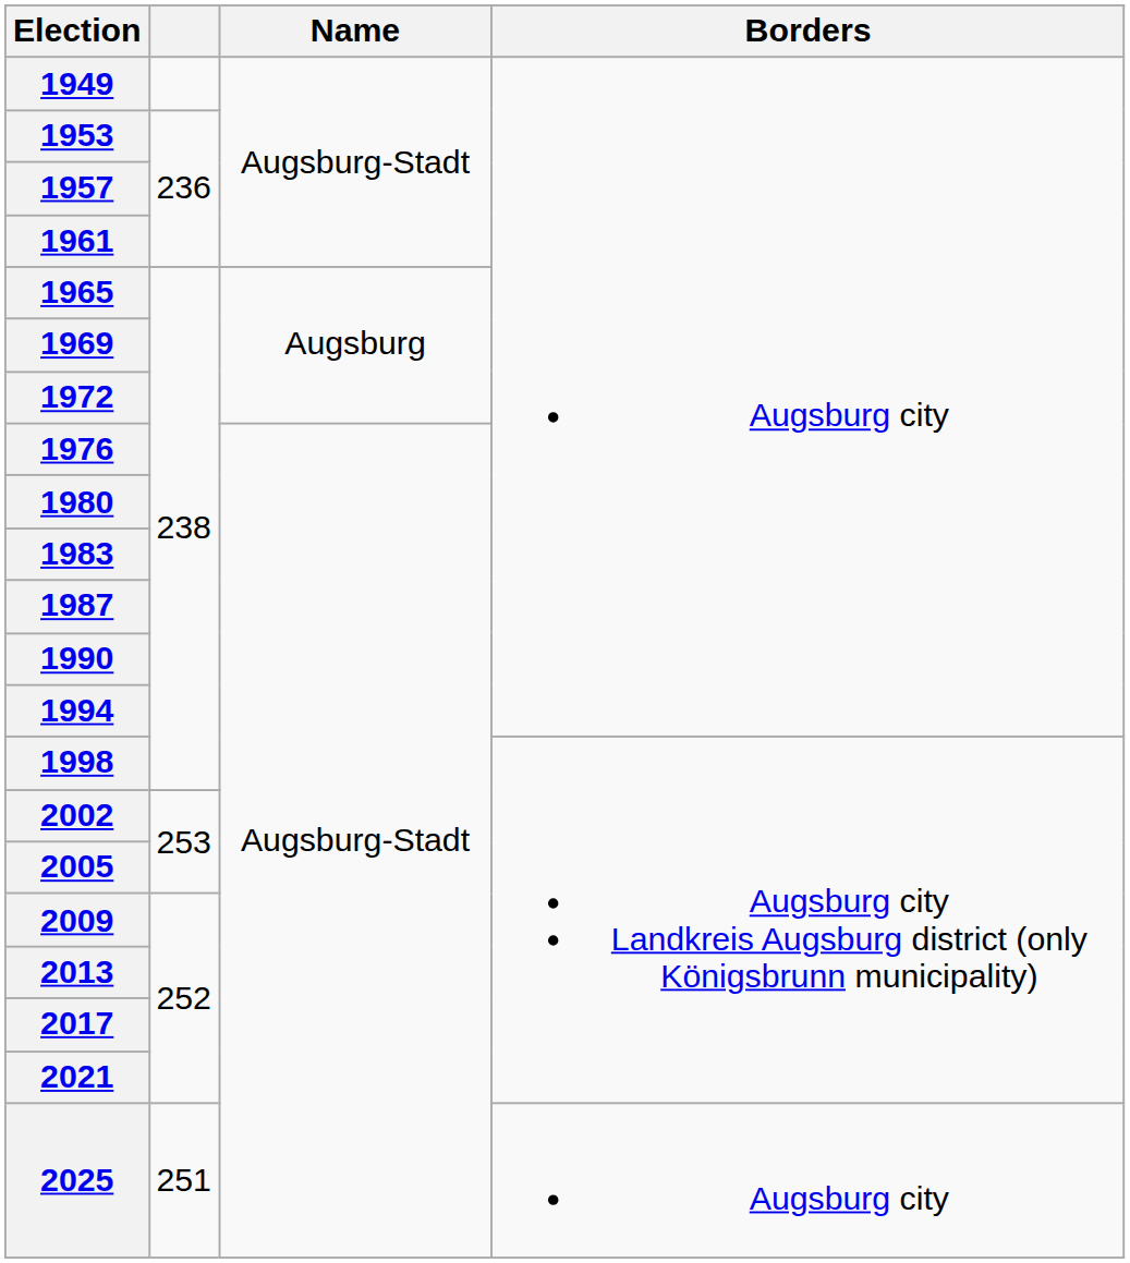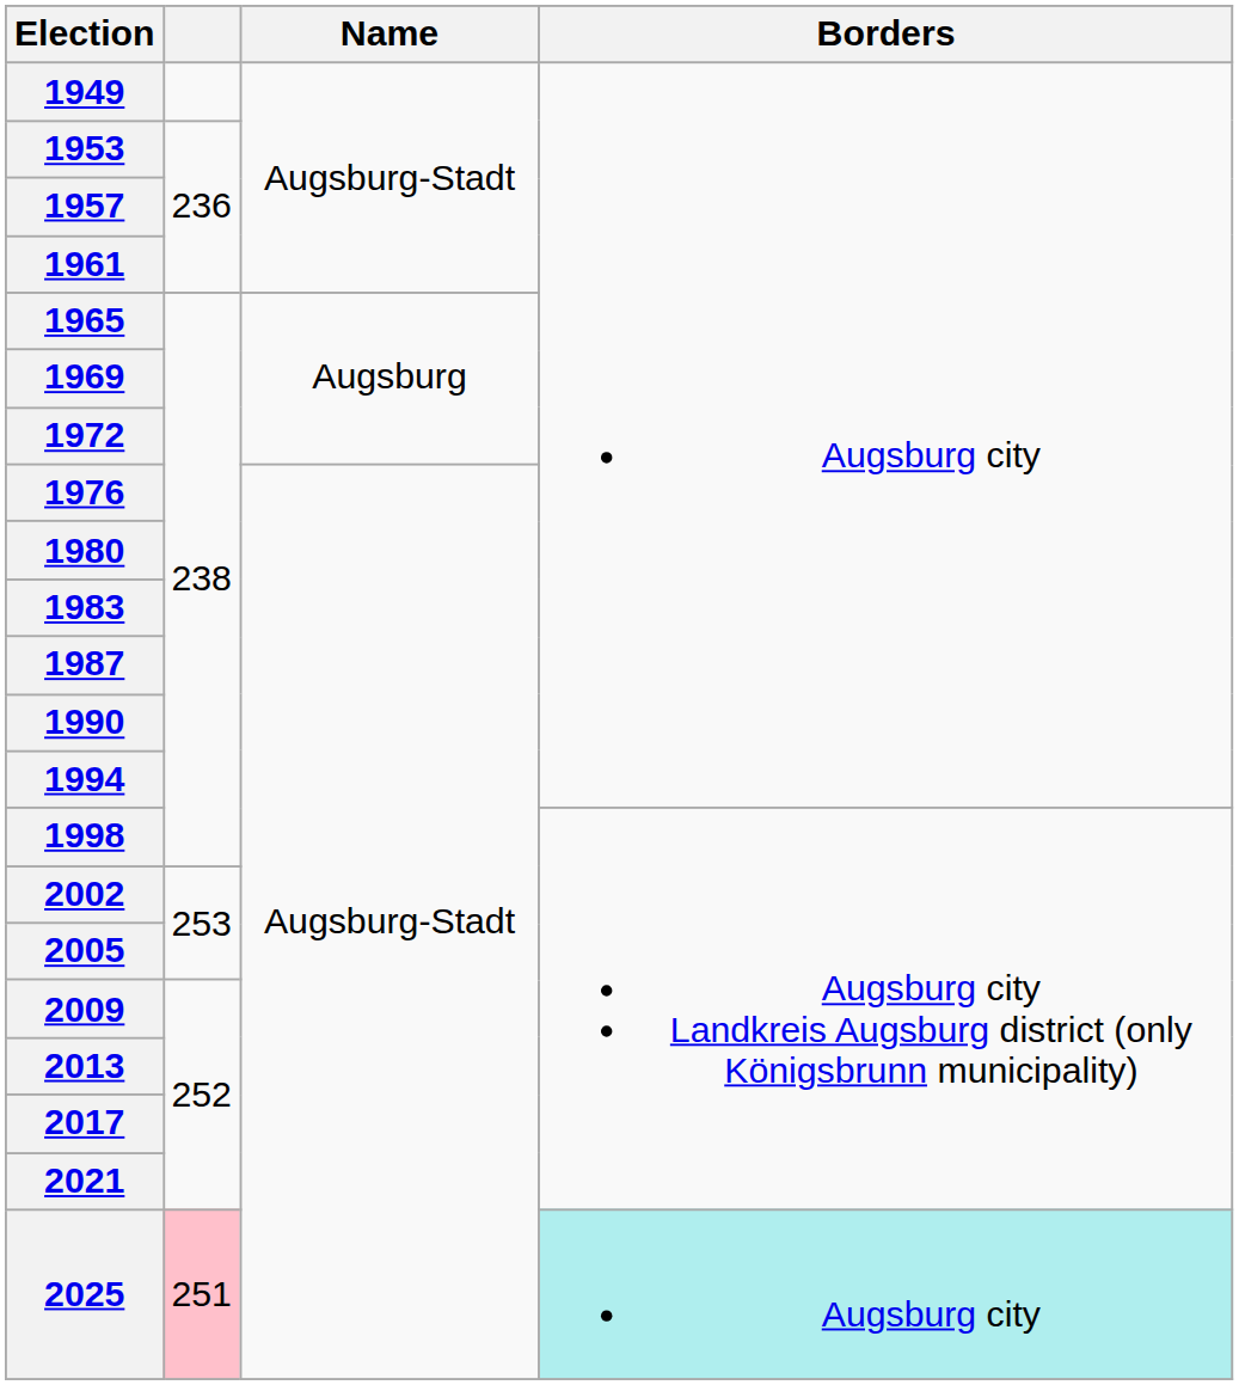 <table class=wikitable style="text-align:center">
 <tr>
 <th>Election</th>
 <th></th>
 <th width=125px>Name</th>
 <th width=300px>Borders</th>
 </tr>
 <tr>
 <th><a href='#'>1949</a></th>
 <td></td>
 <td rowspan=4>Augsburg-Stadt</td>
 <td rowspan=13><br><ul><li><a href='#'>Augsburg</a> city</li></ul></td>
 </tr>
 <tr>
 <th><a href='#'>1953</a></th>
 <td rowspan=3>236</td>
 </tr>
 <tr>
 <th><a href='#'>1957</a></th>
 </tr>
 <tr>
 <th><a href='#'>1961</a></th>
 </tr>
 <tr>
 <th><a href='#'>1965</a></th>
 <td rowspan=10>238</td>
 <td rowspan=3>Augsburg</td>
 </tr>
 <tr>
 <th><a href='#'>1969</a></th>
 </tr>
 <tr>
 <th><a href='#'>1972</a></th>
 </tr>
 <tr>
 <th><a href='#'>1976</a></th>
 <td rowspan=14>Augsburg-Stadt</td>
 </tr>
 <tr>
 <th><a href='#'>1980</a></th>
 </tr>
 <tr>
 <th><a href='#'>1983</a></th>
 </tr>
 <tr>
 <th><a href='#'>1987</a></th>
 </tr>
 <tr>
 <th><a href='#'>1990</a></th>
 </tr>
 <tr>
 <th><a href='#'>1994</a></th>
 </tr>
 <tr>
 <th><a href='#'>1998</a></th>
 <td rowspan=7><br><ul><li><a href='#'>Augsburg</a> city</li><li><a href='#'>Landkreis Augsburg</a> district (only <a href='#'>Königsbrunn</a> municipality)</li></ul></td>
 </tr>
 <tr>
 <th><a href='#'>2002</a></th>
 <td rowspan=2>253</td>
 </tr>
 <tr>
 <th><a href='#'>2005</a></th>
 </tr>
 <tr>
 <th><a href='#'>2009</a></th>
 <td rowspan=4>252</td>
 </tr>
 <tr>
 <th><a href='#'>2013</a></th>
 </tr>
 <tr>
 <th><a href='#'>2017</a></th>
 </tr>
 <tr>
 <th><a href='#'>2021</a></th>
 </tr>
 <tr>
 <th><a href='#'>2025</a></th>
-<td>251</td>
-<td><br><ul><li><a href='#'>Augsburg</a> city</li></ul></td>
+<td style="background: pink;">251</td>
+<td style="background: paleturquoise;"><br><ul><li><a href='#'>Augsburg</a> city</li></ul></td>
 </tr>
 </table>
